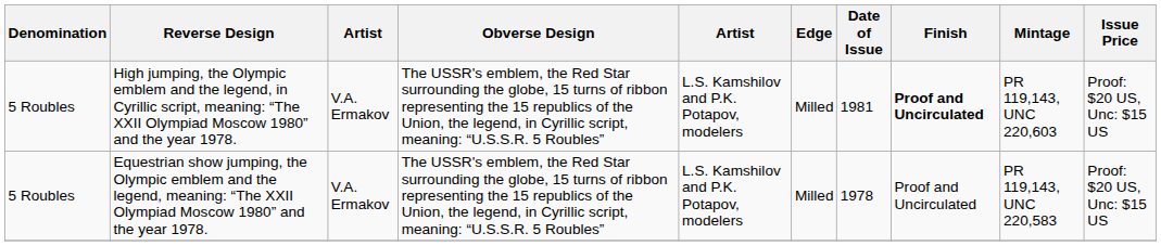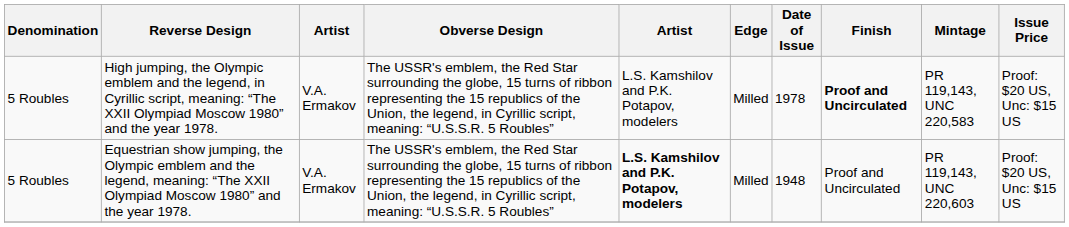 <table class="wikitable">
 <tr>
 <th>Denomination</th>
 <th>Reverse Design</th>
 <th>Artist</th>
 <th>Obverse Design</th>
 <th>Artist</th>
 <th>Edge</th>
 <th>Date of Issue</th>
 <th>Finish</th>
 <th>Mintage</th>
 <th>Issue Price</th>
 </tr>
 <tr>
 <td>5 Roubles</td>
 <td>High jumping, the Olympic emblem and the legend, in Cyrillic script, meaning: “The XXII Olympiad Moscow 1980” and the year 1978.</td>
 <td>V.A. Ermakov</td>
 <td>The USSR's emblem, the Red Star surrounding the globe, 15 turns of ribbon representing the 15 republics of the Union, the legend, in Cyrillic script, meaning: “U.S.S.R. 5 Roubles”</td>
 <td>L.S. Kamshilov and P.K. Potapov, modelers</td>
 <td>Milled</td>
-<td>1981</td>
+<td>1978</td>
 <td><strong>Proof and Uncirculated</strong></td>
-<td>PR 119,143, UNC 220,603</td>
+<td>PR 119,143, UNC 220,583</td>
 <td>Proof: $20 US, Unc: $15 US</td>
 </tr>
 <tr>
 <td>5 Roubles</td>
 <td>Equestrian show jumping, the Olympic emblem and the legend, meaning: “The XXII Olympiad Moscow 1980” and the year 1978.</td>
 <td>V.A. Ermakov</td>
 <td>The USSR's emblem, the Red Star surrounding the globe, 15 turns of ribbon representing the 15 republics of the Union, the legend, in Cyrillic script, meaning: “U.S.S.R. 5 Roubles”</td>
-<td>L.S. Kamshilov and P.K. Potapov, modelers</td>
+<td><strong>L.S. Kamshilov and P.K. Potapov, modelers</strong></td>
 <td>Milled</td>
-<td>1978</td>
+<td>1948</td>
 <td>Proof and Uncirculated</td>
-<td>PR 119,143, UNC 220,583</td>
+<td>PR 119,143, UNC 220,603</td>
 <td>Proof: $20 US, Unc: $15 US</td>
 </tr>
 <tr>
 </tr>
 </table>
